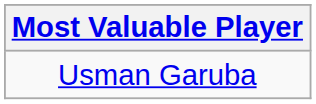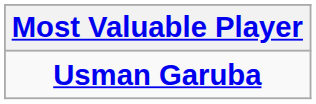 <table class=wikitable style="text-align:center">
 <tr>
 <th><a href='#'>Most Valuable Player</a></th>
 </tr>
 <tr>
-<td> <a href='#'>Usman Garuba</a></td>
+<td><strong> <a href='#'>Usman Garuba</a></strong></td>
 </tr>
 </table>
